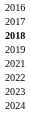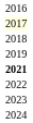 <table>
 <tr>
 <td align="center">2016</td>
 <td></td>
 <td></td>
 <td></td>
 </tr>
 <tr>
-<td align="center">2017</td>
+<td align="center" style="background: lightyellow;">2017</td>
 <td></td>
 <td></td>
 <td></td>
 </tr>
 <tr>
-<td align="center"><strong>2018</strong></td>
+<td align="center">2018</td>
 <td></td>
 <td></td>
 <td></td>
 </tr>
 <tr>
 <td align="center">2019</td>
 <td></td>
 <td></td>
 <td></td>
 </tr>
 <tr>
-<td align="center">2021</td>
+<td align="center"><strong>2021</strong></td>
 <td></td>
 <td></td>
 <td></td>
 </tr>
 <tr>
 <td align="center">2022</td>
 <td></td>
 <td></td>
 <td></td>
 </tr>
 <tr>
 <td align="center">2023</td>
 <td></td>
 <td></td>
 <td></td>
 </tr>
 <tr>
 <td align="center">2024</td>
 <td></td>
 <td></td>
 <td></td>
 </tr>
 </table>
